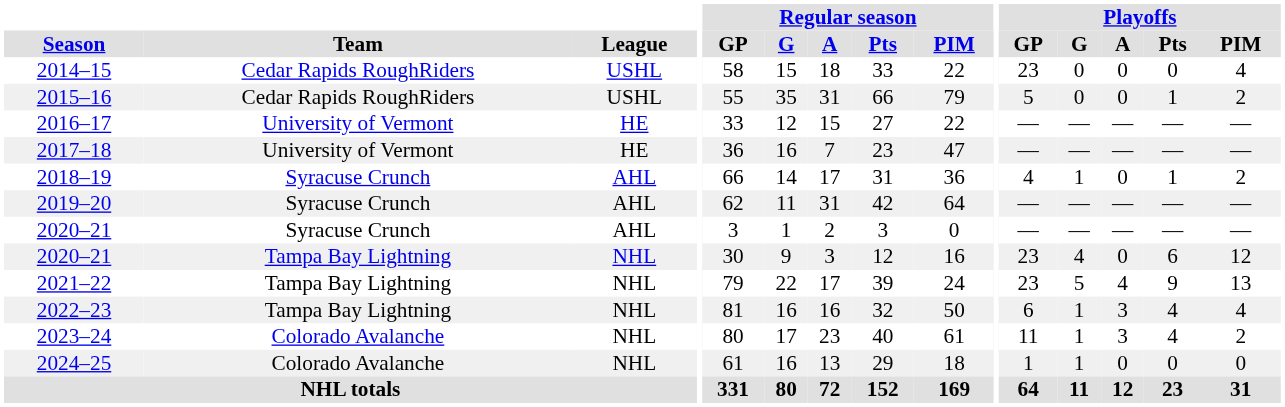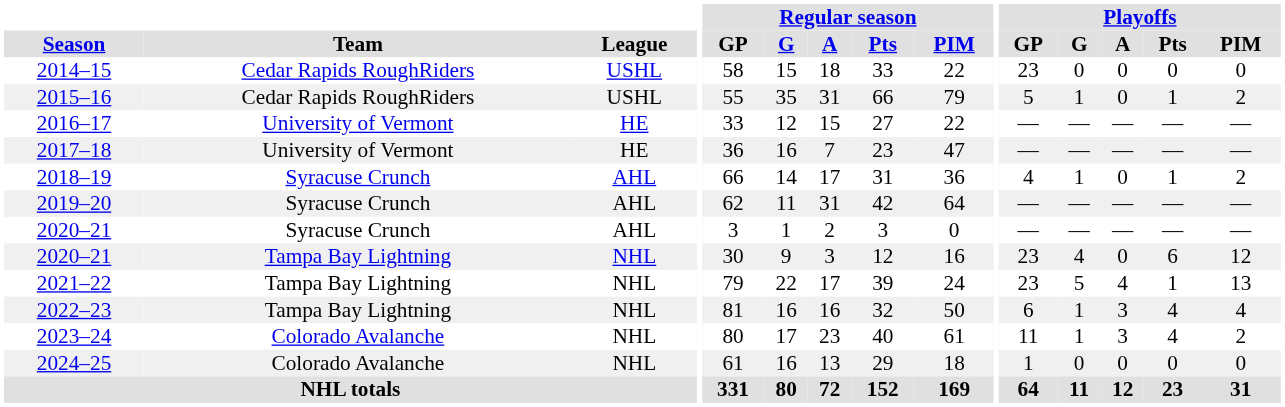 <table border="0" cellpadding="1" cellspacing="0" style="text-align:center; width:60em">
 <tr style="background:#e0e0e0;">
 <th colspan="3" style="background:#fff;"></th>
 <th rowspan="99" style="background:#fff;"></th>
 <th colspan="5"><a href='#'>Regular season</a></th>
 <th rowspan="99" style="background:#fff;"></th>
 <th colspan="5"><a href='#'>Playoffs</a></th>
 </tr>
 <tr style="background:#e0e0e0;">
 <th><a href='#'>Season</a></th>
 <th>Team</th>
 <th>League</th>
 <th>GP</th>
 <th><a href='#'>G</a></th>
 <th><a href='#'>A</a></th>
 <th><a href='#'>Pts</a></th>
 <th><a href='#'>PIM</a></th>
 <th>GP</th>
 <th>G</th>
 <th>A</th>
 <th>Pts</th>
 <th>PIM</th>
 </tr>
 <tr style="text-align:center;">
 <td><a href='#'>2014–15</a></td>
 <td><a href='#'>Cedar Rapids RoughRiders</a></td>
 <td><a href='#'>USHL</a></td>
 <td>58</td>
 <td>15</td>
 <td>18</td>
 <td>33</td>
 <td>22</td>
 <td>23</td>
 <td>0</td>
 <td>0</td>
 <td>0</td>
-<td>4</td>
+<td>0</td>
 </tr>
 <tr style="text-align:center; background:#f0f0f0;">
 <td><a href='#'>2015–16</a></td>
 <td>Cedar Rapids RoughRiders</td>
 <td>USHL</td>
 <td>55</td>
 <td>35</td>
 <td>31</td>
 <td>66</td>
 <td>79</td>
 <td>5</td>
-<td>0</td>
+<td>1</td>
 <td>0</td>
 <td>1</td>
 <td>2</td>
 </tr>
 <tr style="text-align:center;">
 <td><a href='#'>2016–17</a></td>
 <td><a href='#'>University of Vermont</a></td>
 <td><a href='#'>HE</a></td>
 <td>33</td>
 <td>12</td>
 <td>15</td>
 <td>27</td>
 <td>22</td>
 <td>—</td>
 <td>—</td>
 <td>—</td>
 <td>—</td>
 <td>—</td>
 </tr>
 <tr style="text-align:center; background:#f0f0f0;">
 <td><a href='#'>2017–18</a></td>
 <td>University of Vermont</td>
 <td>HE</td>
 <td>36</td>
 <td>16</td>
 <td>7</td>
 <td>23</td>
 <td>47</td>
 <td>—</td>
 <td>—</td>
 <td>—</td>
 <td>—</td>
 <td>—</td>
 </tr>
 <tr style="text-align:center;">
 <td><a href='#'>2018–19</a></td>
 <td><a href='#'>Syracuse Crunch</a></td>
 <td><a href='#'>AHL</a></td>
 <td>66</td>
 <td>14</td>
 <td>17</td>
 <td>31</td>
 <td>36</td>
 <td>4</td>
 <td>1</td>
 <td>0</td>
 <td>1</td>
 <td>2</td>
 </tr>
 <tr style="text-align:center; background:#f0f0f0;">
 <td><a href='#'>2019–20</a></td>
 <td>Syracuse Crunch</td>
 <td>AHL</td>
 <td>62</td>
 <td>11</td>
 <td>31</td>
 <td>42</td>
 <td>64</td>
 <td>—</td>
 <td>—</td>
 <td>—</td>
 <td>—</td>
 <td>—</td>
 </tr>
 <tr style="text-align:center;">
 <td><a href='#'>2020–21</a></td>
 <td>Syracuse Crunch</td>
 <td>AHL</td>
 <td>3</td>
 <td>1</td>
 <td>2</td>
 <td>3</td>
 <td>0</td>
 <td>—</td>
 <td>—</td>
 <td>—</td>
 <td>—</td>
 <td>—</td>
 </tr>
 <tr style="text-align:center; background:#f0f0f0;">
 <td><a href='#'>2020–21</a></td>
 <td><a href='#'>Tampa Bay Lightning</a></td>
 <td><a href='#'>NHL</a></td>
 <td>30</td>
 <td>9</td>
 <td>3</td>
 <td>12</td>
 <td>16</td>
 <td>23</td>
 <td>4</td>
 <td>0</td>
 <td>6</td>
 <td>12</td>
 </tr>
 <tr style="text-align:center;">
 <td><a href='#'>2021–22</a></td>
 <td>Tampa Bay Lightning</td>
 <td>NHL</td>
 <td>79</td>
 <td>22</td>
 <td>17</td>
 <td>39</td>
 <td>24</td>
 <td>23</td>
 <td>5</td>
 <td>4</td>
-<td>9</td>
+<td>1</td>
 <td>13</td>
 </tr>
 <tr style="text-align:center; background:#f0f0f0;">
 <td><a href='#'>2022–23</a></td>
 <td>Tampa Bay Lightning</td>
 <td>NHL</td>
 <td>81</td>
 <td>16</td>
 <td>16</td>
 <td>32</td>
 <td>50</td>
 <td>6</td>
 <td>1</td>
 <td>3</td>
 <td>4</td>
 <td>4</td>
 </tr>
 <tr>
 <td><a href='#'>2023–24</a></td>
 <td><a href='#'>Colorado Avalanche</a></td>
 <td>NHL</td>
 <td>80</td>
 <td>17</td>
 <td>23</td>
 <td>40</td>
 <td>61</td>
 <td>11</td>
 <td>1</td>
 <td>3</td>
 <td>4</td>
 <td>2</td>
 </tr>
 <tr style="text-align:center; background:#f0f0f0;">
 <td><a href='#'>2024–25</a></td>
 <td>Colorado Avalanche</td>
 <td>NHL</td>
 <td>61</td>
 <td>16</td>
 <td>13</td>
 <td>29</td>
 <td>18</td>
 <td>1</td>
-<td>1</td>
+<td>0</td>
 <td>0</td>
 <td>0</td>
 <td>0</td>
 </tr>
 <tr style="background:#e0e0e0;">
 <th colspan="3">NHL totals</th>
 <th>331</th>
 <th>80</th>
 <th>72</th>
 <th>152</th>
 <th>169</th>
 <th>64</th>
 <th>11</th>
 <th>12</th>
 <th>23</th>
 <th>31</th>
 </tr>
 </table>
